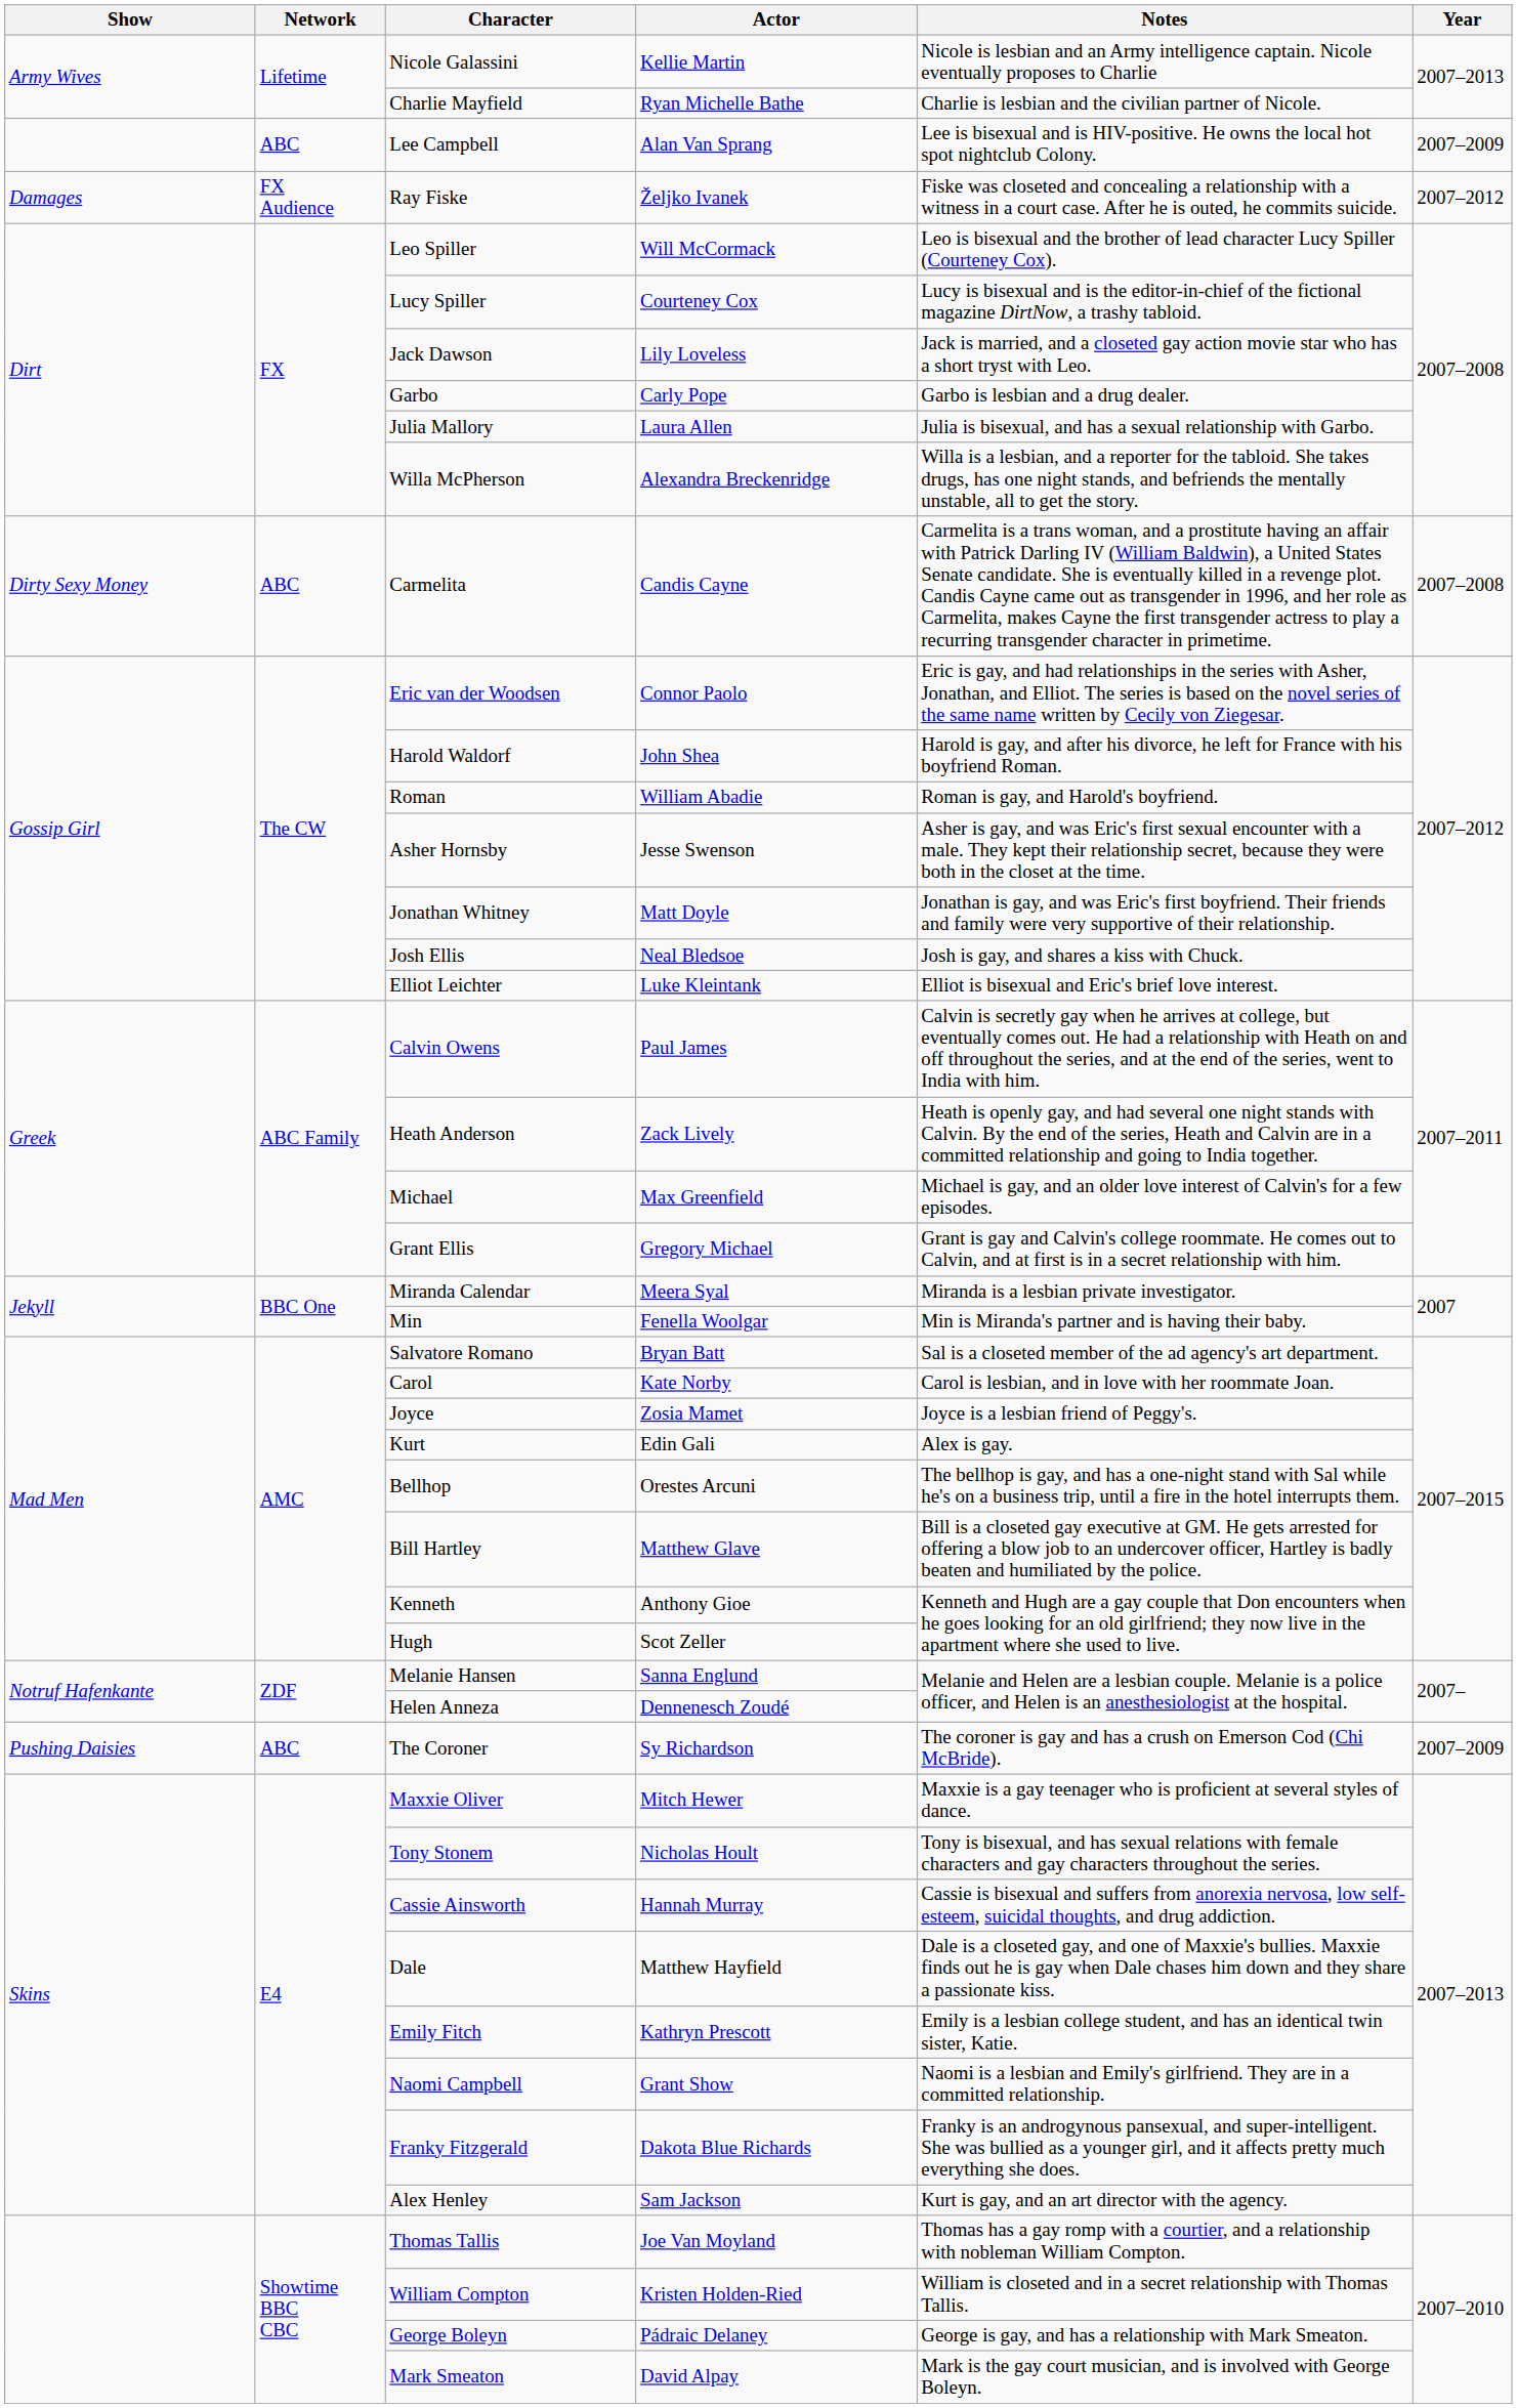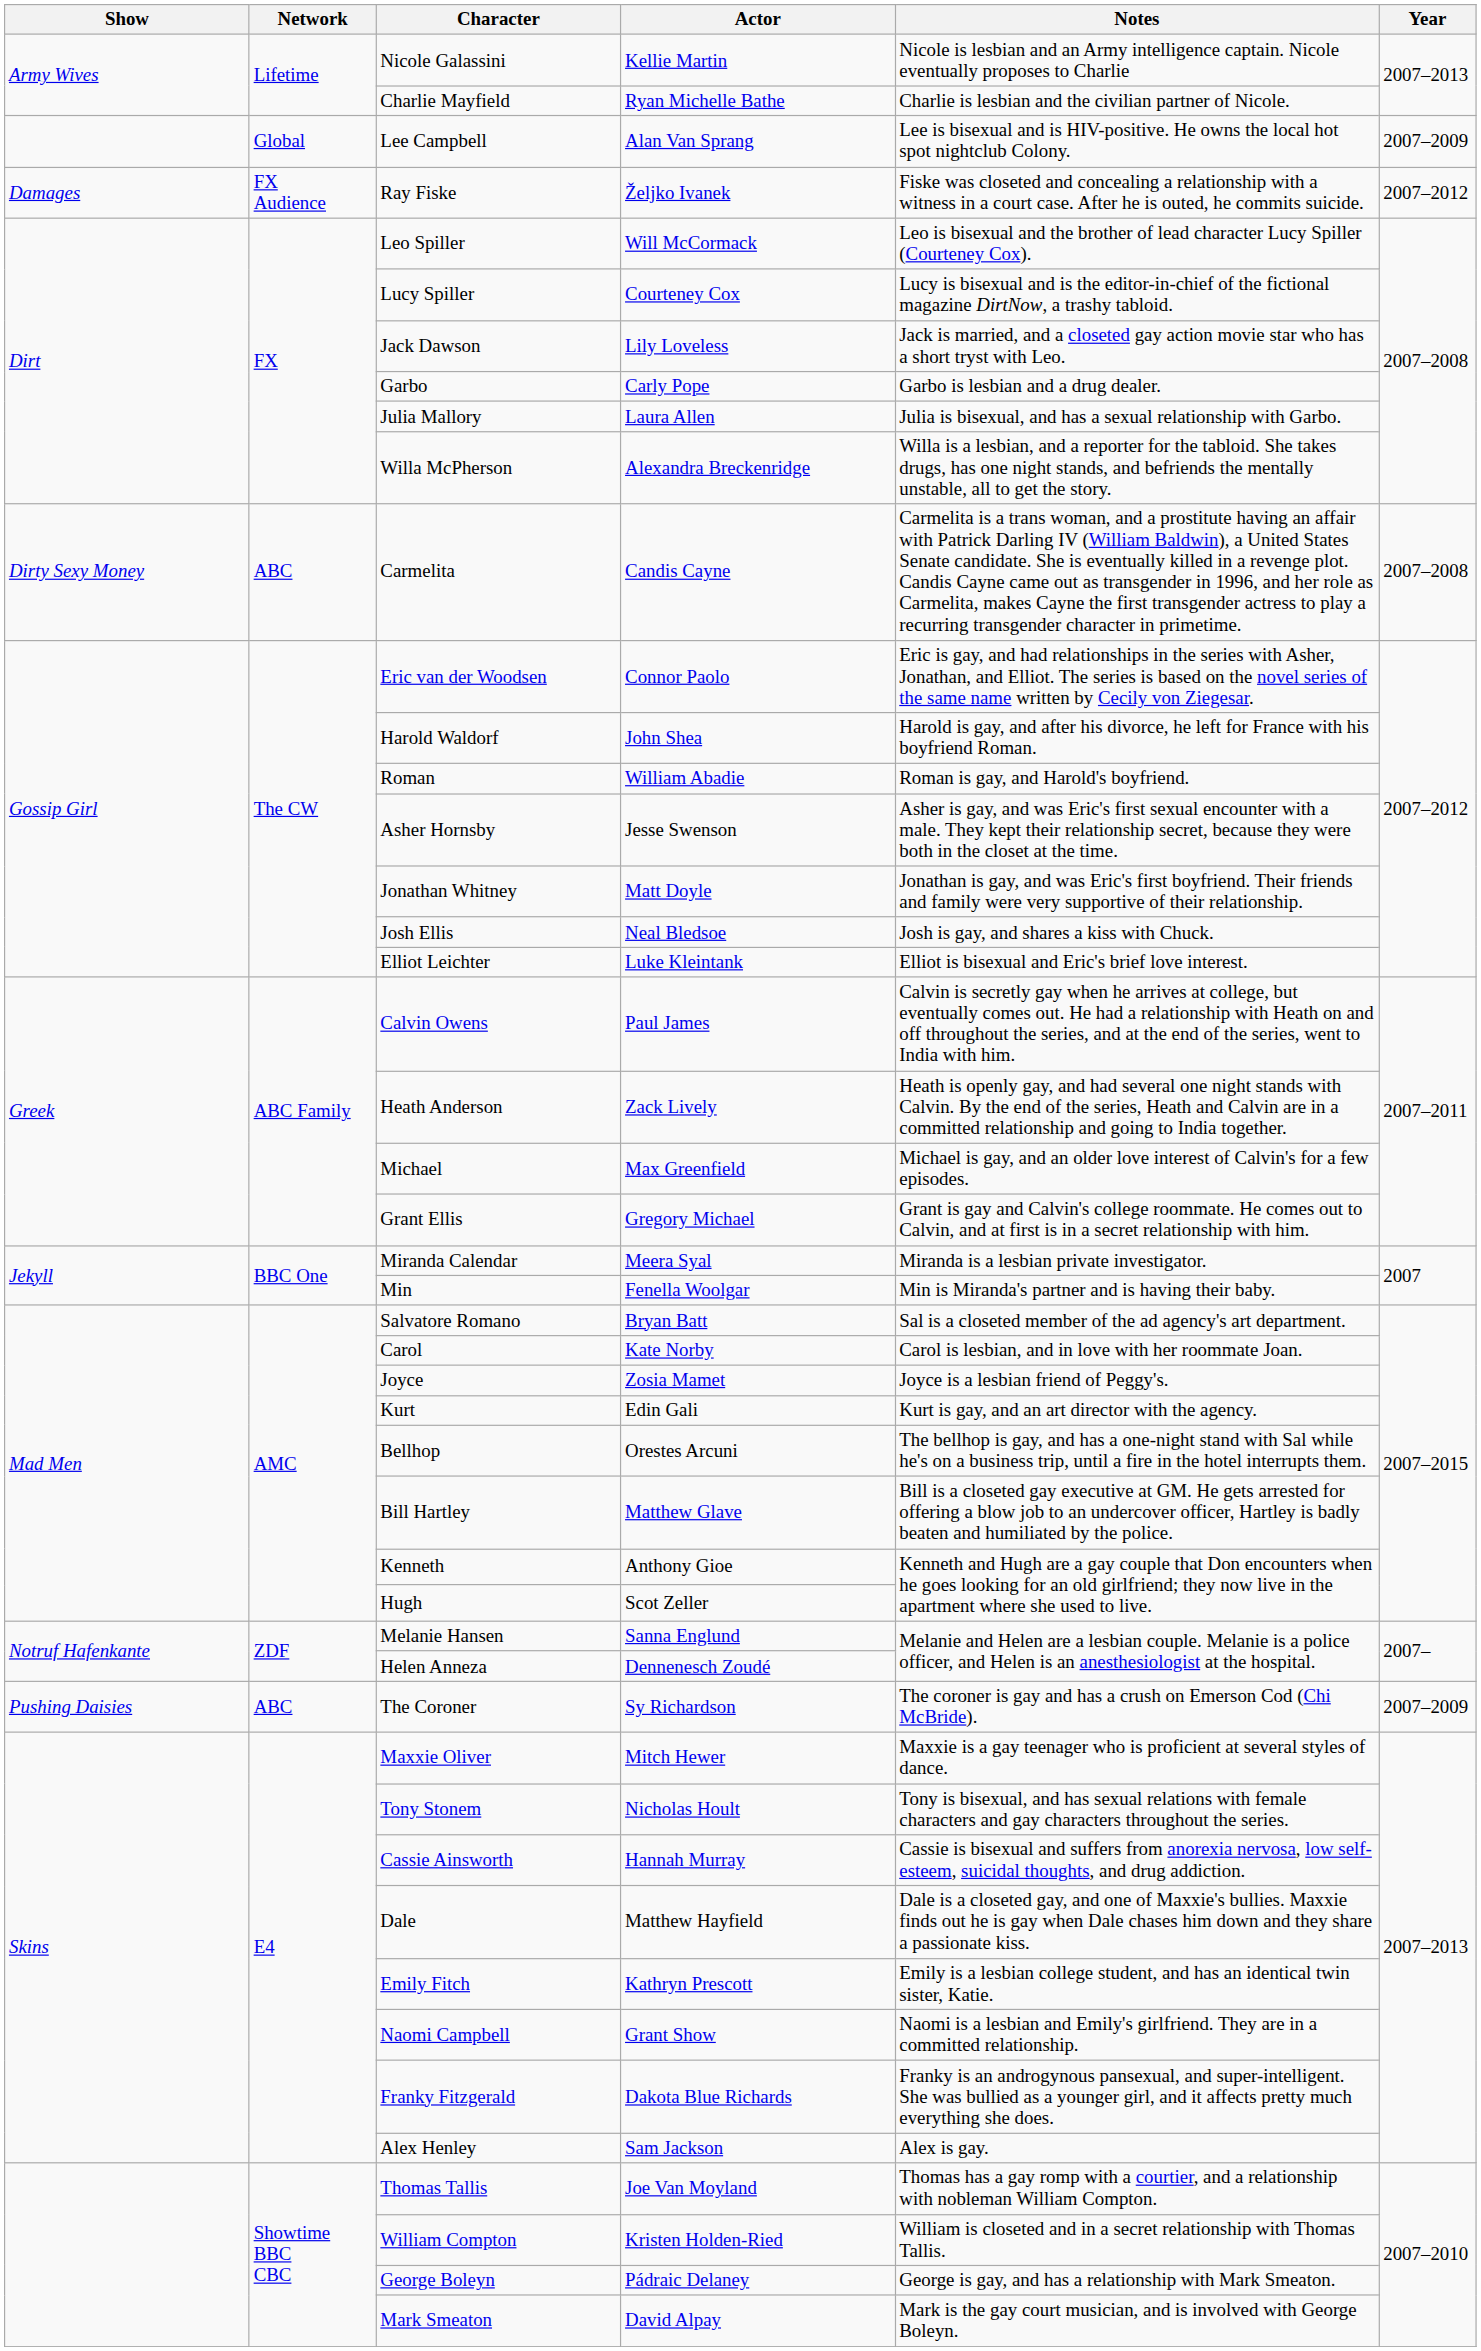 <table class="sortable wikitable" style="margins:auto; width=100%;">
 <tr>
 <th style="width:200px;">Show</th>
 <th style="width:100px;">Network</th>
 <th style="width:200px;">Character</th>
 <th style="width:225px;">Actor</th>
 <th>Notes</th>
 <th style="width:75px;">Year</th>
 </tr>
 <tr>
 <td rowspan="2"><em><a href='#'>Army Wives</a></em></td>
 <td rowspan="2"><a href='#'>Lifetime</a></td>
 <td>Nicole Galassini</td>
 <td><a href='#'>Kellie Martin</a></td>
 <td>Nicole is lesbian and an Army intelligence captain. Nicole eventually proposes to Charlie</td>
 <td rowspan="2">2007–2013</td>
 </tr>
 <tr>
 <td>Charlie Mayfield</td>
 <td><a href='#'>Ryan Michelle Bathe</a></td>
 <td>Charlie is lesbian and the civilian partner of Nicole.</td>
 </tr>
 <tr>
 <td><em></em></td>
-<td><a href='#'>ABC</a></td>
+<td><a href='#'>Global</a></td>
 <td>Lee Campbell</td>
 <td><a href='#'>Alan Van Sprang</a></td>
 <td>Lee is bisexual and is HIV-positive. He owns the local hot spot nightclub Colony.</td>
 <td>2007–2009</td>
 </tr>
 <tr>
 <td><em><a href='#'>Damages</a></em></td>
 <td><a href='#'>FX</a> <br> <a href='#'>Audience</a></td>
 <td>Ray Fiske</td>
 <td><a href='#'>Željko Ivanek</a></td>
 <td>Fiske was closeted and concealing a relationship with a witness in a court case. After he is outed, he commits suicide.</td>
 <td>2007–2012</td>
 </tr>
 <tr>
 <td rowspan="6"><em><a href='#'>Dirt</a></em></td>
 <td rowspan="6"><a href='#'>FX</a></td>
 <td>Leo Spiller</td>
 <td><a href='#'>Will McCormack</a></td>
 <td>Leo is bisexual and the brother of lead character Lucy Spiller (<a href='#'>Courteney Cox</a>).</td>
 <td rowspan="6">2007–2008</td>
 </tr>
 <tr>
 <td>Lucy Spiller</td>
 <td><a href='#'>Courteney Cox</a></td>
 <td>Lucy is bisexual and is the editor-in-chief of the fictional magazine <em>DirtNow</em>, a trashy tabloid.</td>
 </tr>
 <tr>
 <td>Jack Dawson</td>
 <td><a href='#'>Lily Loveless</a></td>
 <td>Jack is married, and a <a href='#'>closeted</a> gay action movie star who has a short tryst with Leo.</td>
 </tr>
 <tr>
 <td>Garbo</td>
 <td><a href='#'>Carly Pope</a></td>
 <td>Garbo is lesbian and a drug dealer.</td>
 </tr>
 <tr>
 <td>Julia Mallory</td>
 <td><a href='#'>Laura Allen</a></td>
 <td>Julia is bisexual, and has a sexual relationship with Garbo.</td>
 </tr>
 <tr>
 <td>Willa McPherson</td>
 <td><a href='#'>Alexandra Breckenridge</a></td>
 <td>Willa is a lesbian, and a reporter for the tabloid. She takes drugs, has one night stands, and befriends the mentally unstable, all to get the story.</td>
 </tr>
 <tr>
 <td><em><a href='#'>Dirty Sexy Money</a></em></td>
 <td><a href='#'>ABC</a></td>
 <td>Carmelita</td>
 <td><a href='#'>Candis Cayne</a></td>
 <td>Carmelita is a trans woman, and a prostitute having an affair with Patrick Darling IV (<a href='#'>William Baldwin</a>), a United States Senate candidate. She is eventually killed in a revenge plot. Candis Cayne came out as transgender in 1996, and  her role as Carmelita, makes Cayne the first transgender actress to play a recurring transgender character in primetime.</td>
 <td>2007–2008</td>
 </tr>
 <tr>
 <td rowspan="7"><em><a href='#'>Gossip Girl</a></em></td>
 <td rowspan="7"><a href='#'>The CW</a></td>
 <td><a href='#'>Eric van der Woodsen</a></td>
 <td><a href='#'>Connor Paolo</a></td>
 <td>Eric is gay, and had relationships in the series with Asher, Jonathan, and Elliot. The series is based on the <a href='#'>novel series of the same name</a> written by <a href='#'>Cecily von Ziegesar</a>.</td>
 <td rowspan="7">2007–2012</td>
 </tr>
 <tr>
 <td>Harold Waldorf</td>
 <td><a href='#'>John Shea</a></td>
 <td>Harold is gay, and after his divorce, he left for France with his boyfriend Roman.</td>
 </tr>
 <tr>
 <td>Roman</td>
 <td><a href='#'>William Abadie</a></td>
 <td>Roman is gay, and Harold's boyfriend.</td>
 </tr>
 <tr>
 <td>Asher Hornsby</td>
 <td>Jesse Swenson</td>
 <td>Asher is gay, and was Eric's first sexual encounter with a male. They kept their relationship secret, because they were both in the closet at the time.</td>
 </tr>
 <tr>
 <td>Jonathan Whitney</td>
 <td><a href='#'>Matt Doyle</a></td>
 <td>Jonathan is gay, and was Eric's first boyfriend. Their friends and family were very supportive of their relationship.</td>
 </tr>
 <tr>
 <td>Josh Ellis</td>
 <td><a href='#'>Neal Bledsoe</a></td>
 <td>Josh is gay, and shares a kiss with Chuck.</td>
 </tr>
 <tr>
 <td>Elliot Leichter</td>
 <td><a href='#'>Luke Kleintank</a></td>
 <td>Elliot is bisexual and Eric's brief love interest.</td>
 </tr>
 <tr>
 <td rowspan="4"><em><a href='#'>Greek</a></em></td>
 <td rowspan="4"><a href='#'>ABC Family</a></td>
 <td><a href='#'>Calvin Owens</a></td>
 <td><a href='#'>Paul James</a></td>
 <td>Calvin is secretly gay when he arrives at college, but eventually comes out. He had a relationship with Heath on and off throughout the series, and at the end of the series, went to India with him.</td>
 <td rowspan="4">2007–2011</td>
 </tr>
 <tr>
 <td>Heath Anderson</td>
 <td><a href='#'>Zack Lively</a></td>
 <td>Heath is openly gay, and had several one night stands with Calvin. By the end of the series, Heath and Calvin are in a committed relationship and going to India together.</td>
 </tr>
 <tr>
 <td>Michael</td>
 <td><a href='#'>Max Greenfield</a></td>
 <td>Michael is gay, and an older love interest of Calvin's for a few episodes.</td>
 </tr>
 <tr>
 <td>Grant Ellis</td>
 <td><a href='#'>Gregory Michael</a></td>
 <td>Grant is gay and Calvin's college roommate. He comes out to Calvin, and at first is in a secret relationship with him.</td>
 </tr>
 <tr>
 <td rowspan="2"><em><a href='#'>Jekyll</a></em></td>
 <td rowspan="2"><a href='#'>BBC One</a></td>
 <td>Miranda Calendar</td>
 <td><a href='#'>Meera Syal</a></td>
 <td>Miranda is a lesbian private investigator.</td>
 <td rowspan="2">2007</td>
 </tr>
 <tr>
 <td>Min</td>
 <td><a href='#'>Fenella Woolgar</a></td>
 <td>Min is Miranda's partner and is having their baby.</td>
 </tr>
 <tr>
 <td rowspan="8"><em><a href='#'>Mad Men</a></em></td>
 <td rowspan="8"><a href='#'>AMC</a></td>
 <td>Salvatore Romano</td>
 <td><a href='#'>Bryan Batt</a></td>
 <td>Sal is a closeted member of the ad agency's art department.</td>
 <td rowspan="8">2007–2015</td>
 </tr>
 <tr>
 <td>Carol</td>
 <td><a href='#'>Kate Norby</a></td>
 <td>Carol is lesbian, and in love with her roommate Joan.</td>
 </tr>
 <tr>
 <td>Joyce</td>
 <td><a href='#'>Zosia Mamet</a></td>
 <td>Joyce is a lesbian friend of Peggy's.</td>
 </tr>
 <tr>
 <td>Kurt</td>
 <td>Edin Gali</td>
-<td>Alex is gay.</td>
+<td>Kurt is gay, and an art director with the agency.</td>
 </tr>
 <tr>
 <td>Bellhop</td>
 <td>Orestes Arcuni</td>
 <td>The bellhop is gay, and has a one-night stand with Sal while he's on a business trip, until a fire in the hotel interrupts them.</td>
 </tr>
 <tr>
 <td>Bill Hartley</td>
 <td><a href='#'>Matthew Glave</a></td>
 <td>Bill is a closeted gay executive at GM. He gets arrested for offering a blow job to an undercover officer, Hartley is badly beaten and humiliated by the police.</td>
 </tr>
 <tr>
 <td>Kenneth</td>
 <td>Anthony Gioe</td>
 <td rowspan="2">Kenneth and Hugh are a gay couple that Don encounters when he goes looking for an old girlfriend; they now live in the apartment where she used to live.</td>
 </tr>
 <tr>
 <td>Hugh</td>
 <td>Scot Zeller</td>
 </tr>
 <tr>
 <td rowspan="2"><em><a href='#'>Notruf Hafenkante</a></em></td>
 <td rowspan="2"><a href='#'>ZDF</a></td>
 <td>Melanie Hansen</td>
 <td><a href='#'>Sanna Englund</a></td>
 <td rowspan="2">Melanie and Helen are a lesbian couple. Melanie is a police officer, and Helen is an <a href='#'>anesthesiologist</a> at the hospital.</td>
 <td rowspan="2">2007–</td>
 </tr>
 <tr>
 <td>Helen Anneza</td>
 <td><a href='#'>Dennenesch Zoudé</a></td>
 </tr>
 <tr>
 <td><em><a href='#'>Pushing Daisies</a></em></td>
 <td><a href='#'>ABC</a></td>
 <td>The Coroner</td>
 <td><a href='#'>Sy Richardson</a></td>
 <td>The coroner is gay and has a crush on Emerson Cod (<a href='#'>Chi McBride</a>).</td>
 <td>2007–2009</td>
 </tr>
 <tr>
 <td rowspan="8"><em><a href='#'>Skins</a></em></td>
 <td rowspan="8"><a href='#'>E4</a></td>
 <td><a href='#'>Maxxie Oliver</a></td>
 <td><a href='#'>Mitch Hewer</a></td>
 <td>Maxxie is a gay teenager who is proficient at several styles of dance.</td>
 <td rowspan="8">2007–2013</td>
 </tr>
 <tr>
 <td><a href='#'>Tony Stonem</a></td>
 <td><a href='#'>Nicholas Hoult</a></td>
 <td>Tony is bisexual, and has sexual relations with female characters and gay characters throughout the series.</td>
 </tr>
 <tr>
 <td><a href='#'>Cassie Ainsworth</a></td>
 <td><a href='#'>Hannah Murray</a></td>
 <td>Cassie is bisexual and suffers from <a href='#'>anorexia nervosa</a>, <a href='#'>low self-esteem</a>, <a href='#'>suicidal thoughts</a>, and drug addiction.</td>
 </tr>
 <tr>
 <td>Dale</td>
 <td>Matthew Hayfield</td>
 <td>Dale is a closeted gay, and one of Maxxie's bullies. Maxxie finds out he is gay when Dale chases him down and they share a passionate kiss.</td>
 </tr>
 <tr>
 <td><a href='#'>Emily Fitch</a></td>
 <td><a href='#'>Kathryn Prescott</a></td>
 <td>Emily is a lesbian college student, and has an identical twin sister, Katie.</td>
 </tr>
 <tr>
 <td><a href='#'>Naomi Campbell</a></td>
 <td><a href='#'>Grant Show</a></td>
 <td>Naomi is a lesbian and Emily's girlfriend. They are in a committed relationship.</td>
 </tr>
 <tr>
 <td><a href='#'>Franky Fitzgerald</a></td>
 <td><a href='#'>Dakota Blue Richards</a></td>
 <td>Franky is an androgynous pansexual, and super-intelligent. She was bullied as a younger girl, and it affects pretty much everything she does.</td>
 </tr>
 <tr>
 <td>Alex Henley</td>
 <td><a href='#'>Sam Jackson</a></td>
-<td>Kurt is gay, and an art director with the agency.</td>
+<td>Alex is gay.</td>
 </tr>
 <tr>
 <td rowspan="4"><em></em></td>
 <td rowspan="4"><a href='#'>Showtime</a> <br> <a href='#'>BBC</a> <br> <a href='#'>CBC</a></td>
 <td><a href='#'>Thomas Tallis</a></td>
 <td><a href='#'>Joe Van Moyland</a></td>
 <td>Thomas has a gay romp with a <a href='#'>courtier</a>, and a relationship with nobleman William Compton.</td>
 <td rowspan="4">2007–2010</td>
 </tr>
 <tr>
 <td><a href='#'>William Compton</a></td>
 <td><a href='#'>Kristen Holden-Ried</a></td>
 <td>William is closeted and in a secret relationship with Thomas Tallis.</td>
 </tr>
 <tr>
 <td><a href='#'>George Boleyn</a></td>
 <td><a href='#'>Pádraic Delaney</a></td>
 <td>George is gay, and has a relationship with Mark Smeaton.</td>
 </tr>
 <tr>
 <td><a href='#'>Mark Smeaton</a></td>
 <td><a href='#'>David Alpay</a></td>
 <td>Mark is the gay court musician, and is involved with George Boleyn.</td>
 </tr>
 <tr>
 </tr>
 </table>
